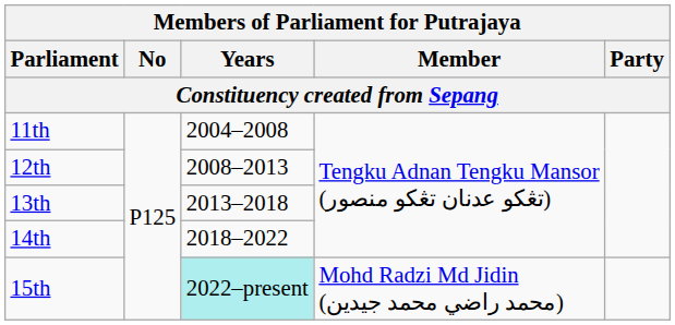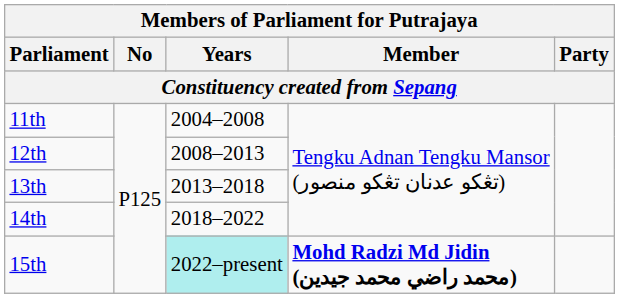 <table class=wikitable>
 <tr>
 <th colspan="5">Members of Parliament for Putrajaya</th>
 </tr>
 <tr>
 <th>Parliament</th>
 <th>No</th>
 <th>Years</th>
 <th>Member</th>
 <th>Party</th>
 </tr>
 <tr>
 <th colspan="5" align="center"><em>Constituency created from <a href='#'>Sepang</a></em></th>
 </tr>
 <tr>
 <td><a href='#'>11th</a></td>
 <td rowspan="5">P125</td>
 <td>2004–2008</td>
 <td rowspan=4><a href='#'>Tengku Adnan Tengku Mansor</a>  <br> (تڠكو عدنان تڠكو منصور)</td>
 <td rowspan=4></td>
 </tr>
 <tr>
 <td><a href='#'>12th</a></td>
 <td>2008–2013</td>
 </tr>
 <tr>
 <td><a href='#'>13th</a></td>
 <td>2013–2018</td>
 </tr>
 <tr>
 <td><a href='#'>14th</a></td>
 <td>2018–2022</td>
 </tr>
 <tr>
 <td><a href='#'>15th</a></td>
 <td style="background: paleturquoise;">2022–present</td>
-<td><a href='#'>Mohd Radzi Md Jidin</a>  <br> (محمد راضي محمد جيدين)</td>
+<td><strong><a href='#'>Mohd Radzi Md Jidin</a>  <br> (محمد راضي محمد جيدين)</strong></td>
 <td></td>
 </tr>
 </table>
